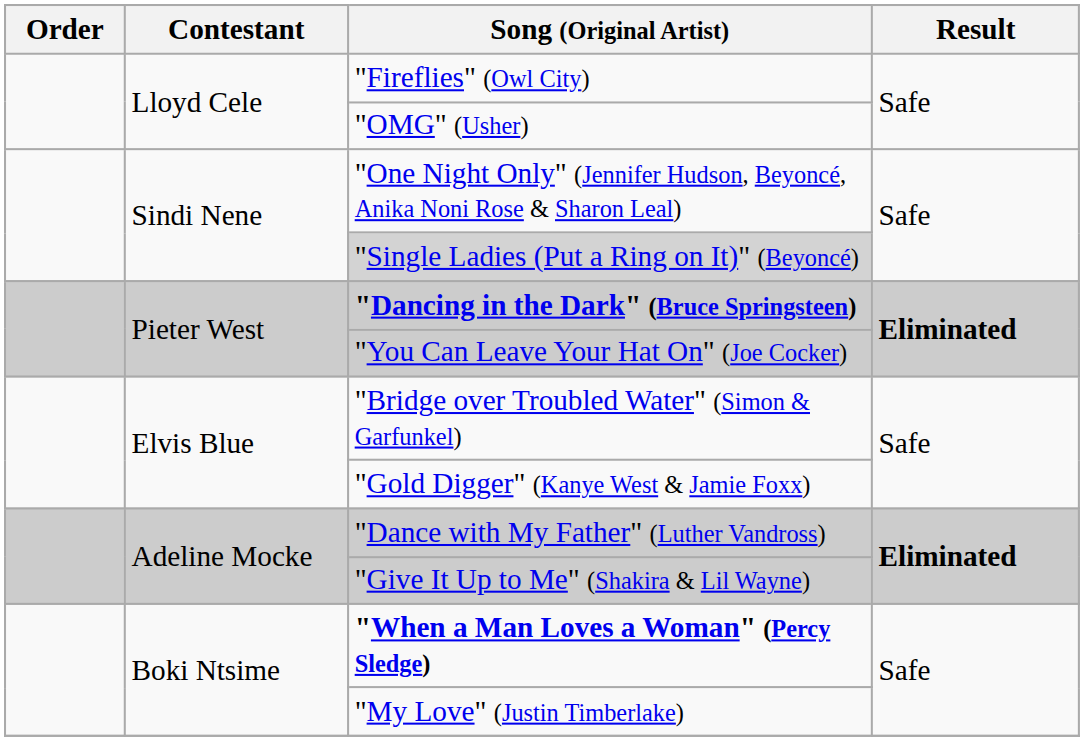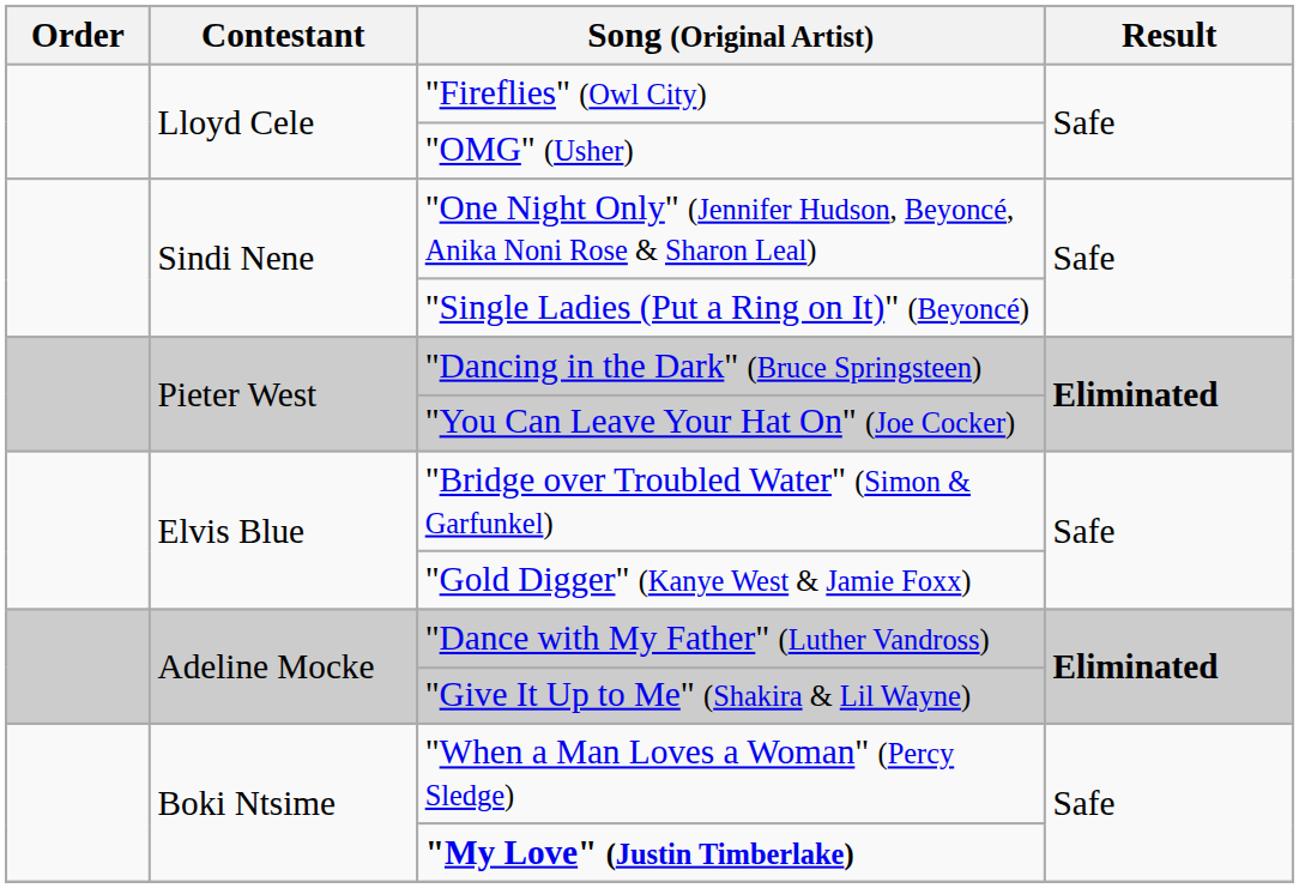 <table class="wikitable" style="font-size:90%; width:60%; text-align: left;">
 <tr>
 <th width="05%">Order</th>
 <th width="13%">Contestant</th>
 <th width="32%">Song <small>(Original Artist)</small></th>
 <th width="10%">Result</th>
 </tr>
 <tr>
 <td rowspan="2"></td>
 <td rowspan="2">Lloyd Cele</td>
 <td>"<a href='#'>Fireflies</a>" <small>(<a href='#'>Owl City</a>)</small></td>
 <td rowspan="2">Safe</td>
 </tr>
 <tr>
 <td>"<a href='#'>OMG</a>" <small>(<a href='#'>Usher</a>)</small></td>
 </tr>
 <tr>
 <td rowspan="2"></td>
 <td rowspan="2">Sindi Nene</td>
 <td>"<a href='#'>One Night Only</a>" <small>(<a href='#'>Jennifer Hudson</a>, <a href='#'>Beyoncé</a>, <a href='#'>Anika Noni Rose</a> & <a href='#'>Sharon Leal</a>)</small></td>
 <td rowspan="2">Safe</td>
 </tr>
 <tr>
-<td style="background: lightgrey;">"<a href='#'>Single Ladies (Put a Ring on It)</a>" <small>(<a href='#'>Beyoncé</a>)</small></td>
+<td>"<a href='#'>Single Ladies (Put a Ring on It)</a>" <small>(<a href='#'>Beyoncé</a>)</small></td>
 </tr>
 <tr>
 <td bgcolor="CCCCCC" rowspan="2"></td>
 <td bgcolor="CCCCCC" rowspan="2">Pieter West</td>
-<td bgcolor="CCCCCC"><strong>"<a href='#'>Dancing in the Dark</a>" <small>(<a href='#'>Bruce Springsteen</a>)</small></strong></td>
+<td bgcolor="CCCCCC">"<a href='#'>Dancing in the Dark</a>" <small>(<a href='#'>Bruce Springsteen</a>)</small></td>
 <td bgcolor="CCCCCC" rowspan="2"><strong>Eliminated</strong></td>
 </tr>
 <tr>
 <td bgcolor="CCCCCC">"<a href='#'>You Can Leave Your Hat On</a>" <small>(<a href='#'>Joe Cocker</a>)</small></td>
 </tr>
 <tr>
 <td rowspan="2"></td>
 <td rowspan="2">Elvis Blue</td>
 <td>"<a href='#'>Bridge over Troubled Water</a>" <small>(<a href='#'>Simon & Garfunkel</a>)</small></td>
 <td rowspan="2">Safe</td>
 </tr>
 <tr>
 <td>"<a href='#'>Gold Digger</a>" <small>(<a href='#'>Kanye West</a> & <a href='#'>Jamie Foxx</a>)</small></td>
 </tr>
 <tr>
 <td bgcolor="CCCCCC" rowspan="2"></td>
 <td bgcolor="CCCCCC" rowspan="2">Adeline Mocke</td>
 <td bgcolor="CCCCCC">"<a href='#'>Dance with My Father</a>" <small>(<a href='#'>Luther Vandross</a>)</small></td>
 <td bgcolor="CCCCCC" rowspan="2"><strong>Eliminated</strong></td>
 </tr>
 <tr>
 <td bgcolor="CCCCCC">"<a href='#'>Give It Up to Me</a>" <small>(<a href='#'>Shakira</a> & <a href='#'>Lil Wayne</a>)</small></td>
 </tr>
 <tr>
 <td rowspan="2"></td>
 <td rowspan="2">Boki Ntsime</td>
-<td><strong>"<a href='#'>When a Man Loves a Woman</a>" <small>(<a href='#'>Percy Sledge</a>)</small></strong></td>
+<td>"<a href='#'>When a Man Loves a Woman</a>" <small>(<a href='#'>Percy Sledge</a>)</small></td>
 <td rowspan="2">Safe</td>
 </tr>
 <tr>
-<td>"<a href='#'>My Love</a>" <small>(<a href='#'>Justin Timberlake</a>)</small></td>
+<td><strong>"<a href='#'>My Love</a>" <small>(<a href='#'>Justin Timberlake</a>)</small></strong></td>
 </tr>
 <tr>
 </tr>
 </table>
